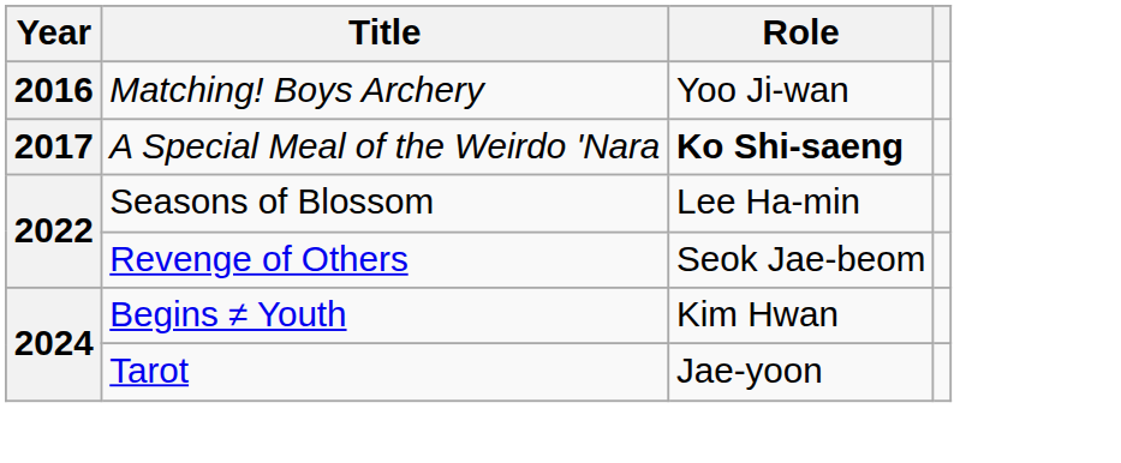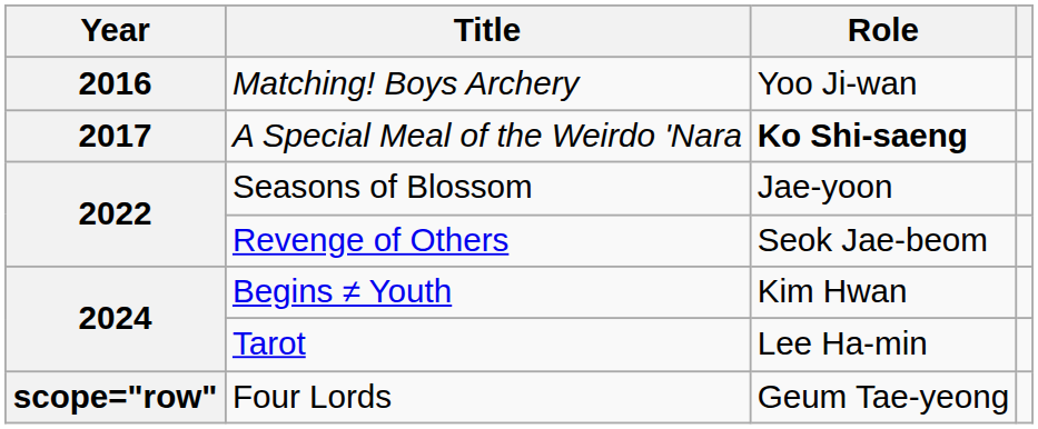 <table class="wikitable  plainrowheaders">
 <tr>
 <th scope="col">Year</th>
 <th scope="col">Title</th>
 <th scope="col">Role</th>
 <th scope="col" class="unsortable"></th>
 </tr>
 <tr>
 <th scope="row">2016</th>
 <td><em>Matching! Boys Archery</em></td>
 <td>Yoo Ji-wan</td>
 <td></td>
 </tr>
 <tr>
 <th scope="row">2017</th>
 <td><em>A Special Meal of the Weirdo 'Nara<strong></td>
 <td><strong>Ko Shi-saeng</strong></td>
 <td></td>
 </tr>
 <tr>
 <th scope="row" rowspan="2">2022</th>
 <td></em>Seasons of Blossom<em></td>
-<td>Lee Ha-min</td>
+<td>Jae-yoon</td>
 <td></td>
 </tr>
 <tr>
 <td></em><a href='#'>Revenge of Others</a><em></td>
 <td>Seok Jae-beom</td>
 <td></td>
 </tr>
 <tr>
 <th scope="row" rowspan="2">2024</th>
 <td></em><a href='#'>Begins ≠ Youth</a><em></td>
 <td>Kim Hwan</td>
 <td></td>
 </tr>
 <tr>
 <td></em><a href='#'>Tarot</a><em></td>
-<td>Jae-yoon</td>
+<td>Lee Ha-min</td>
+<td></td>
+</tr>
+<tr>
+<th>scope="row" </th>
+<td></em>Four Lords<em></td>
+<td>Geum Tae-yeong</td>
 <td></td>
 </tr>
 </table>
